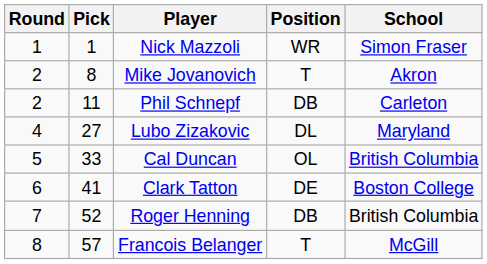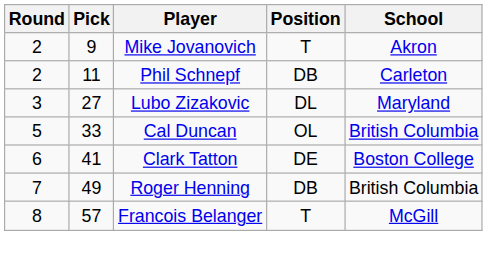 <table class="wikitable" style="font-size: 95%;">
 <tr>
 <th scope="col">Round</th>
 <th scope="col">Pick</th>
 <th scope="col">Player</th>
 <th scope="col">Position</th>
 <th scope="col">School</th>
 </tr>
 <tr align="center">
-<td align=center>1</td>
-<td>1</td>
-<td><a href='#'>Nick Mazzoli</a></td>
-<td>WR</td>
-<td><a href='#'>Simon Fraser</a></td>
-</tr>
-<tr align="center">
 <td align=center>2</td>
-<td>8</td>
+<td>9</td>
 <td><a href='#'>Mike Jovanovich</a></td>
 <td>T</td>
 <td><a href='#'>Akron</a></td>
 </tr>
 <tr align="center">
 <td align=center>2</td>
 <td>11</td>
 <td><a href='#'>Phil Schnepf</a></td>
 <td>DB</td>
 <td><a href='#'>Carleton</a></td>
 </tr>
 <tr align="center">
-<td align=center>4</td>
+<td align=center>3</td>
 <td>27</td>
 <td><a href='#'>Lubo Zizakovic</a></td>
 <td>DL</td>
 <td><a href='#'>Maryland</a></td>
 </tr>
 <tr align="center">
 <td align=center>5</td>
 <td>33</td>
 <td><a href='#'>Cal Duncan</a></td>
 <td>OL</td>
 <td><a href='#'>British Columbia</a></td>
 </tr>
 <tr align="center">
 <td align=center>6</td>
 <td>41</td>
 <td><a href='#'>Clark Tatton</a></td>
 <td>DE</td>
 <td><a href='#'>Boston College</a></td>
 </tr>
 <tr align="center">
 <td align=center>7</td>
-<td>52</td>
+<td>49</td>
 <td><a href='#'>Roger Henning</a></td>
 <td>DB</td>
 <td>British Columbia</td>
 </tr>
 <tr align="center">
 <td align=center>8</td>
 <td>57</td>
 <td><a href='#'>Francois Belanger</a></td>
 <td>T</td>
 <td><a href='#'>McGill</a></td>
 </tr>
 </table>
